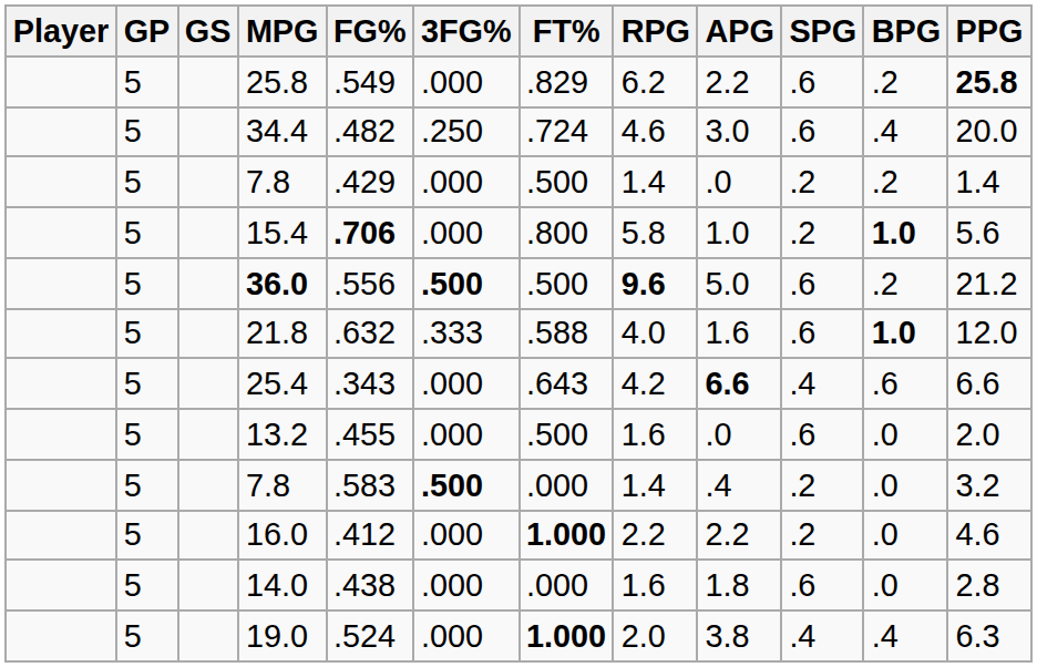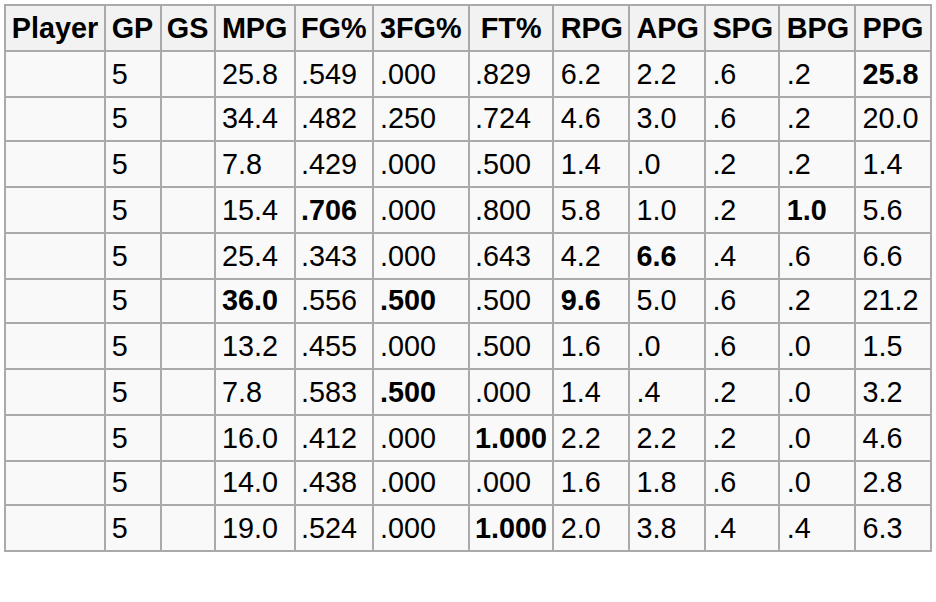 <table class="wikitable sortable" style="font-size: 90%">
 <tr>
 <th>Player</th>
 <th>GP</th>
 <th>GS</th>
 <th>MPG</th>
 <th>FG%</th>
 <th>3FG%</th>
 <th>FT%</th>
 <th>RPG</th>
 <th>APG</th>
 <th>SPG</th>
 <th>BPG</th>
 <th>PPG</th>
 </tr>
 <tr>
 <td></td>
 <td>5</td>
 <td></td>
 <td>25.8</td>
 <td>.549</td>
 <td>.000</td>
 <td>.829</td>
 <td>6.2</td>
 <td>2.2</td>
 <td>.6</td>
 <td>.2</td>
 <td><strong>25.8</strong></td>
 </tr>
 <tr>
 <td></td>
 <td>5</td>
 <td></td>
 <td>34.4</td>
 <td>.482</td>
 <td>.250</td>
 <td>.724</td>
 <td>4.6</td>
 <td>3.0</td>
 <td>.6</td>
-<td>.4</td>
+<td>.2</td>
 <td>20.0</td>
 </tr>
 <tr>
 <td></td>
 <td>5</td>
 <td></td>
 <td>7.8</td>
 <td>.429</td>
 <td>.000</td>
 <td>.500</td>
 <td>1.4</td>
 <td>.0</td>
 <td>.2</td>
 <td>.2</td>
 <td>1.4</td>
 </tr>
 <tr>
 <td></td>
 <td>5</td>
 <td></td>
 <td>15.4</td>
 <td><strong>.706</strong></td>
 <td>.000</td>
 <td>.800</td>
 <td>5.8</td>
 <td>1.0</td>
 <td>.2</td>
 <td><strong>1.0</strong></td>
 <td>5.6</td>
 </tr>
 <tr>
 <td></td>
 <td>5</td>
 <td></td>
+<td>25.4</td>
+<td>.343</td>
+<td>.000</td>
+<td>.643</td>
+<td>4.2</td>
+<td><strong>6.6</strong></td>
+<td>.4</td>
+<td>.6</td>
+<td>6.6</td>
+</tr>
+<tr>
+<td></td>
+<td>5</td>
+<td></td>
 <td><strong>36.0</strong></td>
 <td>.556</td>
 <td><strong>.500</strong></td>
 <td>.500</td>
 <td><strong>9.6</strong></td>
 <td>5.0</td>
 <td>.6</td>
 <td>.2</td>
 <td>21.2</td>
 </tr>
 <tr>
 <td></td>
 <td>5</td>
 <td></td>
-<td>21.8</td>
-<td>.632</td>
-<td>.333</td>
-<td>.588</td>
-<td>4.0</td>
-<td>1.6</td>
-<td>.6</td>
-<td><strong>1.0</strong></td>
-<td>12.0</td>
-</tr>
-<tr>
-<td></td>
-<td>5</td>
-<td></td>
-<td>25.4</td>
-<td>.343</td>
-<td>.000</td>
-<td>.643</td>
-<td>4.2</td>
-<td><strong>6.6</strong></td>
-<td>.4</td>
-<td>.6</td>
-<td>6.6</td>
-</tr>
-<tr>
-<td></td>
-<td>5</td>
-<td></td>
 <td>13.2</td>
 <td>.455</td>
 <td>.000</td>
 <td>.500</td>
 <td>1.6</td>
 <td>.0</td>
 <td>.6</td>
 <td>.0</td>
-<td>2.0</td>
+<td>1.5</td>
 </tr>
 <tr>
 <td></td>
 <td>5</td>
 <td></td>
 <td>7.8</td>
 <td>.583</td>
 <td><strong>.500</strong></td>
 <td>.000</td>
 <td>1.4</td>
 <td>.4</td>
 <td>.2</td>
 <td>.0</td>
 <td>3.2</td>
 </tr>
 <tr>
 <td></td>
 <td>5</td>
 <td></td>
 <td>16.0</td>
 <td>.412</td>
 <td>.000</td>
 <td><strong>1.000</strong></td>
 <td>2.2</td>
 <td>2.2</td>
 <td>.2</td>
 <td>.0</td>
 <td>4.6</td>
 </tr>
 <tr>
 <td></td>
 <td>5</td>
 <td></td>
 <td>14.0</td>
 <td>.438</td>
 <td>.000</td>
 <td>.000</td>
 <td>1.6</td>
 <td>1.8</td>
 <td>.6</td>
 <td>.0</td>
 <td>2.8</td>
 </tr>
 <tr>
 <td></td>
 <td>5</td>
 <td></td>
 <td>19.0</td>
 <td>.524</td>
 <td>.000</td>
 <td><strong>1.000</strong></td>
 <td>2.0</td>
 <td>3.8</td>
 <td>.4</td>
 <td>.4</td>
 <td>6.3</td>
 </tr>
 </table>
